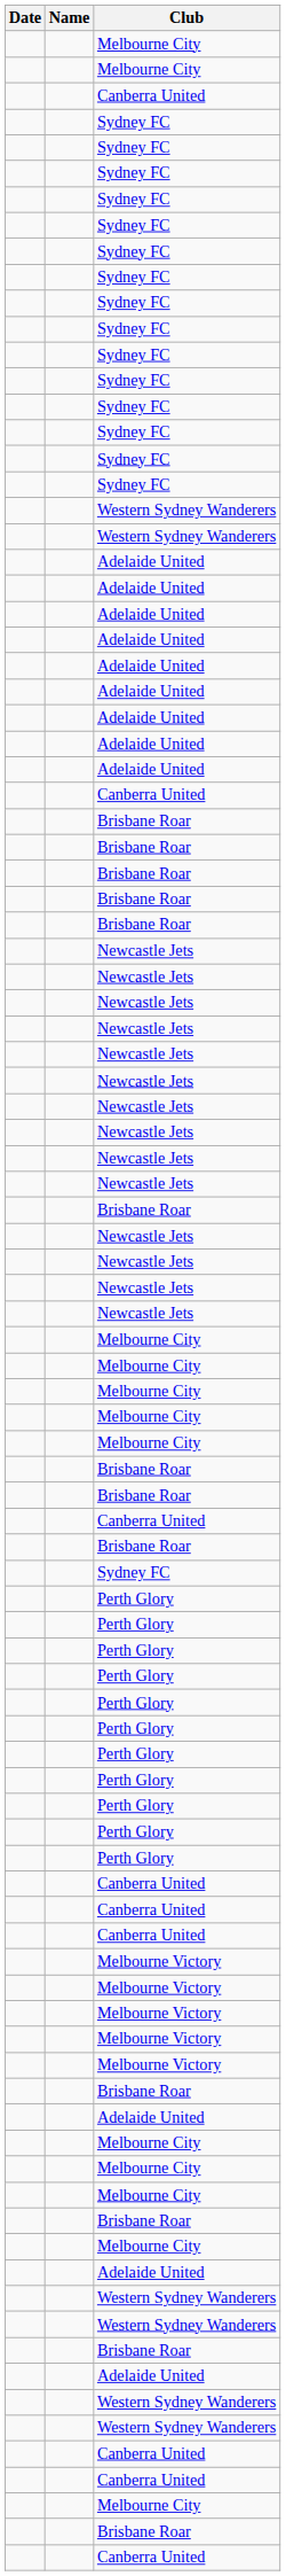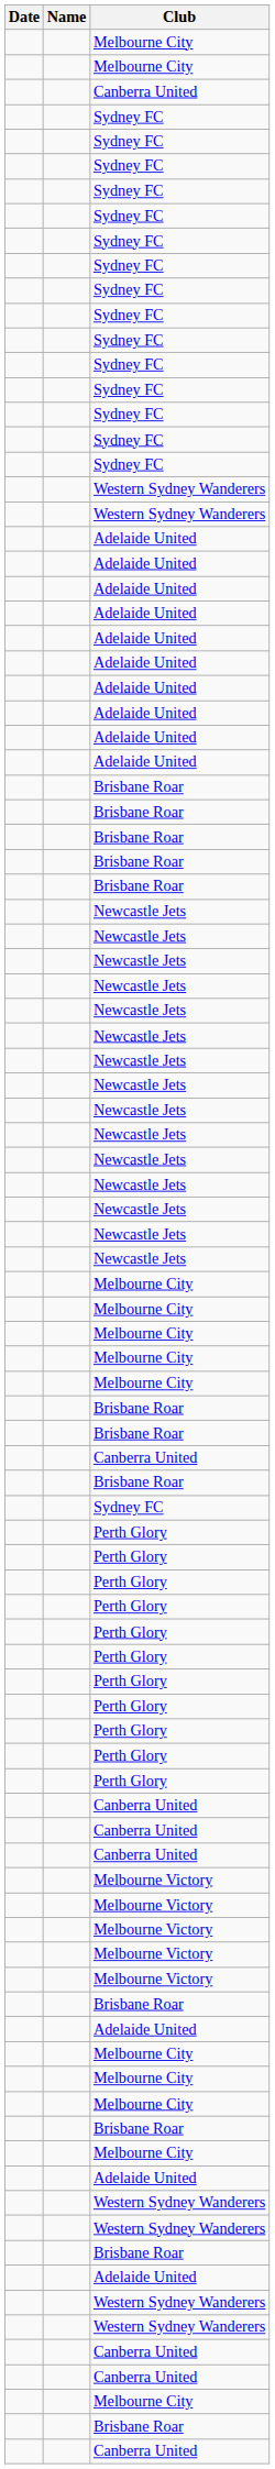 <table class="wikitable sortable">
 <tr>
 <th>Date</th>
 <th>Name</th>
 <th>Club</th>
 </tr>
 <tr>
 <td></td>
 <td></td>
 <td><a href='#'>Melbourne City</a></td>
 </tr>
 <tr>
 <td></td>
 <td></td>
 <td><a href='#'>Melbourne City</a></td>
 </tr>
 <tr>
 <td></td>
 <td></td>
 <td><a href='#'>Canberra United</a></td>
 </tr>
 <tr>
 <td></td>
 <td></td>
 <td><a href='#'>Sydney FC</a></td>
 </tr>
 <tr>
 <td></td>
 <td></td>
 <td><a href='#'>Sydney FC</a></td>
 </tr>
 <tr>
 <td></td>
 <td></td>
 <td><a href='#'>Sydney FC</a></td>
 </tr>
 <tr>
 <td></td>
 <td></td>
 <td><a href='#'>Sydney FC</a></td>
 </tr>
 <tr>
 <td></td>
 <td></td>
 <td><a href='#'>Sydney FC</a></td>
 </tr>
 <tr>
 <td></td>
 <td></td>
 <td><a href='#'>Sydney FC</a></td>
 </tr>
 <tr>
 <td></td>
 <td></td>
 <td><a href='#'>Sydney FC</a></td>
 </tr>
 <tr>
 <td></td>
 <td></td>
 <td><a href='#'>Sydney FC</a></td>
 </tr>
 <tr>
 <td></td>
 <td></td>
 <td><a href='#'>Sydney FC</a></td>
 </tr>
 <tr>
 <td></td>
 <td></td>
 <td><a href='#'>Sydney FC</a></td>
 </tr>
 <tr>
 <td></td>
 <td></td>
 <td><a href='#'>Sydney FC</a></td>
 </tr>
 <tr>
 <td></td>
 <td></td>
 <td><a href='#'>Sydney FC</a></td>
 </tr>
 <tr>
 <td></td>
 <td></td>
 <td><a href='#'>Sydney FC</a></td>
 </tr>
 <tr>
 <td></td>
 <td></td>
 <td><a href='#'>Sydney FC</a></td>
 </tr>
 <tr>
 <td></td>
 <td></td>
 <td><a href='#'>Sydney FC</a></td>
 </tr>
 <tr>
 <td></td>
 <td></td>
 <td><a href='#'>Western Sydney Wanderers</a></td>
 </tr>
 <tr>
 <td></td>
 <td></td>
 <td><a href='#'>Western Sydney Wanderers</a></td>
 </tr>
 <tr>
 <td></td>
 <td></td>
 <td><a href='#'>Adelaide United</a></td>
 </tr>
 <tr>
 <td></td>
 <td></td>
 <td><a href='#'>Adelaide United</a></td>
 </tr>
 <tr>
 <td></td>
 <td></td>
 <td><a href='#'>Adelaide United</a></td>
 </tr>
 <tr>
 <td></td>
 <td></td>
 <td><a href='#'>Adelaide United</a></td>
 </tr>
 <tr>
 <td></td>
 <td></td>
 <td><a href='#'>Adelaide United</a></td>
 </tr>
 <tr>
 <td></td>
 <td></td>
 <td><a href='#'>Adelaide United</a></td>
 </tr>
 <tr>
 <td></td>
 <td></td>
 <td><a href='#'>Adelaide United</a></td>
 </tr>
 <tr>
 <td></td>
 <td></td>
 <td><a href='#'>Adelaide United</a></td>
 </tr>
 <tr>
 <td></td>
 <td></td>
 <td><a href='#'>Adelaide United</a></td>
 </tr>
 <tr>
 <td></td>
 <td></td>
-<td><a href='#'>Canberra United</a></td>
+<td><a href='#'>Adelaide United</a></td>
 </tr>
 <tr>
 <td></td>
 <td></td>
 <td><a href='#'>Brisbane Roar</a></td>
 </tr>
 <tr>
 <td></td>
 <td></td>
 <td><a href='#'>Brisbane Roar</a></td>
 </tr>
 <tr>
 <td></td>
 <td></td>
 <td><a href='#'>Brisbane Roar</a></td>
 </tr>
 <tr>
 <td></td>
 <td></td>
 <td><a href='#'>Brisbane Roar</a></td>
 </tr>
 <tr>
 <td></td>
 <td></td>
 <td><a href='#'>Brisbane Roar</a></td>
 </tr>
 <tr>
 <td></td>
 <td></td>
 <td><a href='#'>Newcastle Jets</a></td>
 </tr>
 <tr>
 <td></td>
 <td></td>
 <td><a href='#'>Newcastle Jets</a></td>
 </tr>
 <tr>
 <td></td>
 <td></td>
 <td><a href='#'>Newcastle Jets</a></td>
 </tr>
 <tr>
 <td></td>
 <td></td>
 <td><a href='#'>Newcastle Jets</a></td>
 </tr>
 <tr>
 <td></td>
 <td></td>
 <td><a href='#'>Newcastle Jets</a></td>
 </tr>
 <tr>
 <td></td>
 <td></td>
 <td><a href='#'>Newcastle Jets</a></td>
 </tr>
 <tr>
 <td></td>
 <td></td>
 <td><a href='#'>Newcastle Jets</a></td>
 </tr>
 <tr>
 <td></td>
 <td></td>
 <td><a href='#'>Newcastle Jets</a></td>
 </tr>
 <tr>
 <td></td>
 <td></td>
 <td><a href='#'>Newcastle Jets</a></td>
 </tr>
 <tr>
 <td></td>
 <td></td>
 <td><a href='#'>Newcastle Jets</a></td>
 </tr>
 <tr>
 <td></td>
 <td></td>
-<td><a href='#'>Brisbane Roar</a></td>
+<td><a href='#'>Newcastle Jets</a></td>
 </tr>
 <tr>
 <td></td>
 <td></td>
 <td><a href='#'>Newcastle Jets</a></td>
 </tr>
 <tr>
 <td></td>
 <td></td>
 <td><a href='#'>Newcastle Jets</a></td>
 </tr>
 <tr>
 <td></td>
 <td></td>
 <td><a href='#'>Newcastle Jets</a></td>
 </tr>
 <tr>
 <td></td>
 <td></td>
 <td><a href='#'>Newcastle Jets</a></td>
 </tr>
 <tr>
 <td></td>
 <td></td>
 <td><a href='#'>Melbourne City</a></td>
 </tr>
 <tr>
 <td></td>
 <td></td>
 <td><a href='#'>Melbourne City</a></td>
 </tr>
 <tr>
 <td></td>
 <td></td>
 <td><a href='#'>Melbourne City</a></td>
 </tr>
 <tr>
 <td></td>
 <td></td>
 <td><a href='#'>Melbourne City</a></td>
 </tr>
 <tr>
 <td></td>
 <td></td>
 <td><a href='#'>Melbourne City</a></td>
 </tr>
 <tr>
 <td></td>
 <td></td>
 <td><a href='#'>Brisbane Roar</a></td>
 </tr>
 <tr>
 <td></td>
 <td></td>
 <td><a href='#'>Brisbane Roar</a></td>
 </tr>
 <tr>
 <td></td>
 <td></td>
 <td><a href='#'>Canberra United</a></td>
 </tr>
 <tr>
 <td></td>
 <td></td>
 <td><a href='#'>Brisbane Roar</a></td>
 </tr>
 <tr>
 <td></td>
 <td></td>
 <td><a href='#'>Sydney FC</a></td>
 </tr>
 <tr>
 <td></td>
 <td></td>
 <td><a href='#'>Perth Glory</a></td>
 </tr>
 <tr>
 <td></td>
 <td></td>
 <td><a href='#'>Perth Glory</a></td>
 </tr>
 <tr>
 <td></td>
 <td></td>
 <td><a href='#'>Perth Glory</a></td>
 </tr>
 <tr>
 <td></td>
 <td></td>
 <td><a href='#'>Perth Glory</a></td>
 </tr>
 <tr>
 <td></td>
 <td></td>
 <td><a href='#'>Perth Glory</a></td>
 </tr>
 <tr>
 <td></td>
 <td></td>
 <td><a href='#'>Perth Glory</a></td>
 </tr>
 <tr>
 <td></td>
 <td></td>
 <td><a href='#'>Perth Glory</a></td>
 </tr>
 <tr>
 <td></td>
 <td></td>
 <td><a href='#'>Perth Glory</a></td>
 </tr>
 <tr>
 <td></td>
 <td></td>
 <td><a href='#'>Perth Glory</a></td>
 </tr>
 <tr>
 <td></td>
 <td></td>
 <td><a href='#'>Perth Glory</a></td>
 </tr>
 <tr>
 <td></td>
 <td></td>
 <td><a href='#'>Perth Glory</a></td>
 </tr>
 <tr>
 <td></td>
 <td></td>
 <td><a href='#'>Canberra United</a></td>
 </tr>
 <tr>
 <td></td>
 <td></td>
 <td><a href='#'>Canberra United</a></td>
 </tr>
 <tr>
 <td></td>
 <td></td>
 <td><a href='#'>Canberra United</a></td>
 </tr>
 <tr>
 <td></td>
 <td></td>
 <td><a href='#'>Melbourne Victory</a></td>
 </tr>
 <tr>
 <td></td>
 <td></td>
 <td><a href='#'>Melbourne Victory</a></td>
 </tr>
 <tr>
 <td></td>
 <td></td>
 <td><a href='#'>Melbourne Victory</a></td>
 </tr>
 <tr>
 <td></td>
 <td></td>
 <td><a href='#'>Melbourne Victory</a></td>
 </tr>
 <tr>
 <td></td>
 <td></td>
 <td><a href='#'>Melbourne Victory</a></td>
 </tr>
 <tr>
 <td></td>
 <td></td>
 <td><a href='#'>Brisbane Roar</a></td>
 </tr>
 <tr>
 <td></td>
 <td></td>
 <td><a href='#'>Adelaide United</a></td>
 </tr>
 <tr>
 <td></td>
 <td></td>
 <td><a href='#'>Melbourne City</a></td>
 </tr>
 <tr>
 <td></td>
 <td></td>
 <td><a href='#'>Melbourne City</a></td>
 </tr>
 <tr>
 <td></td>
 <td></td>
 <td><a href='#'>Melbourne City</a></td>
 </tr>
 <tr>
 <td></td>
 <td></td>
 <td><a href='#'>Brisbane Roar</a></td>
 </tr>
 <tr>
 <td></td>
 <td></td>
 <td><a href='#'>Melbourne City</a></td>
 </tr>
 <tr>
 <td></td>
 <td></td>
 <td><a href='#'>Adelaide United</a></td>
 </tr>
 <tr>
 <td></td>
 <td></td>
 <td><a href='#'>Western Sydney Wanderers</a></td>
 </tr>
 <tr>
 <td></td>
 <td></td>
 <td><a href='#'>Western Sydney Wanderers</a></td>
 </tr>
 <tr>
 <td></td>
 <td></td>
 <td><a href='#'>Brisbane Roar</a></td>
 </tr>
 <tr>
 <td></td>
 <td></td>
 <td><a href='#'>Adelaide United</a></td>
 </tr>
 <tr>
 <td></td>
 <td></td>
 <td><a href='#'>Western Sydney Wanderers</a></td>
 </tr>
 <tr>
 <td></td>
 <td></td>
 <td><a href='#'>Western Sydney Wanderers</a></td>
 </tr>
 <tr>
 <td></td>
 <td></td>
 <td><a href='#'>Canberra United</a></td>
 </tr>
 <tr>
 <td></td>
 <td></td>
 <td><a href='#'>Canberra United</a></td>
 </tr>
 <tr>
 <td></td>
 <td></td>
 <td><a href='#'>Melbourne City</a></td>
 </tr>
 <tr>
 <td></td>
 <td></td>
 <td><a href='#'>Brisbane Roar</a></td>
 </tr>
 <tr>
 <td></td>
 <td></td>
 <td><a href='#'>Canberra United</a></td>
 </tr>
 </table>
